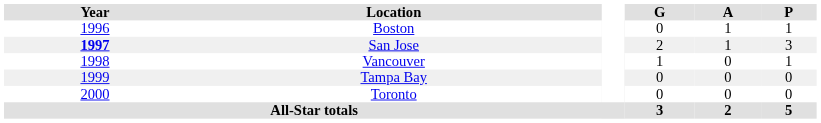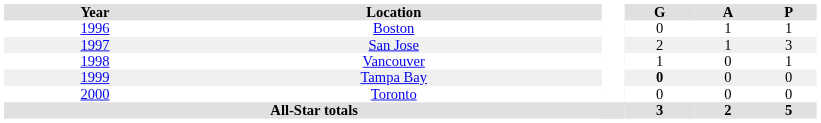 <table BORDER="0" CELLPADDING="0" CELLSPACING="0" width="45%">
 <tr ALIGN="center" bgcolor="#e0e0e0">
 <th>Year</th>
 <th>Location</th>
 <th ALIGN="center" rowspan="99" bgcolor="#ffffff"> </th>
 <th>G</th>
 <th>A</th>
 <th>P</th>
 </tr>
 <tr ALIGN="center">
 <td><a href='#'>1996</a></td>
 <td><a href='#'>Boston</a></td>
 <td>0</td>
 <td>1</td>
 <td>1</td>
 </tr>
 <tr ALIGN="center" bgcolor="#f0f0f0">
-<td><strong><a href='#'>1997</a></strong></td>
+<td><a href='#'>1997</a></td>
 <td><a href='#'>San Jose</a></td>
 <td>2</td>
 <td>1</td>
 <td>3</td>
 </tr>
 <tr ALIGN="center">
 <td><a href='#'>1998</a></td>
 <td><a href='#'>Vancouver</a></td>
 <td>1</td>
 <td>0</td>
 <td>1</td>
 </tr>
 <tr ALIGN="center" bgcolor="#f0f0f0">
 <td><a href='#'>1999</a></td>
 <td><a href='#'>Tampa Bay</a></td>
-<td>0</td>
+<td><strong>0</strong></td>
 <td>0</td>
 <td>0</td>
 </tr>
 <tr ALIGN="center">
 <td><a href='#'>2000</a></td>
 <td><a href='#'>Toronto</a></td>
 <td>0</td>
 <td>0</td>
 <td>0</td>
 </tr>
 <tr ALIGN="center" bgcolor="#e0e0e0">
 <th colspan=3>All-Star totals</th>
 <th>3</th>
 <th>2</th>
 <th>5</th>
 </tr>
 </table>
